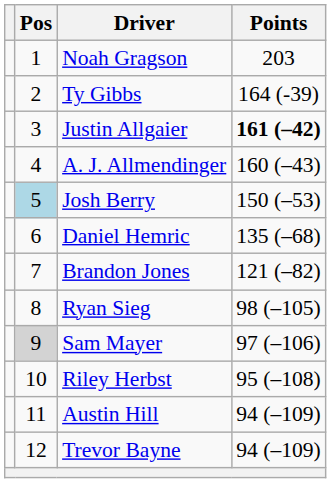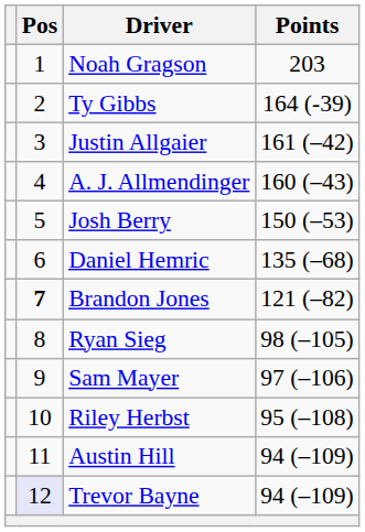 <table class="wikitable" style="font-size: 95%;">
 <tr>
 <th></th>
 <th>Pos</th>
 <th>Driver</th>
 <th>Points</th>
 </tr>
 <tr>
 <td align="left"></td>
 <td style="text-align:center;">1</td>
 <td><a href='#'>Noah Gragson</a></td>
 <td style="text-align:center;">203</td>
 </tr>
 <tr>
 <td align="left"></td>
 <td style="text-align:center;">2</td>
 <td><a href='#'>Ty Gibbs</a></td>
 <td style="text-align:center;">164 (-39)</td>
 </tr>
 <tr>
 <td align="left"></td>
 <td style="text-align:center;">3</td>
 <td><a href='#'>Justin Allgaier</a></td>
-<td style="text-align:center;"><strong>161 (–42)</strong></td>
+<td style="text-align:center;">161 (–42)</td>
 </tr>
 <tr>
 <td align="left"></td>
 <td style="text-align:center;">4</td>
 <td><a href='#'>A. J. Allmendinger</a></td>
 <td style="text-align:center;">160 (–43)</td>
 </tr>
 <tr>
 <td align="left"></td>
-<td style="background: lightblue; text-align:center;">5</td>
+<td style="text-align:center;">5</td>
 <td><a href='#'>Josh Berry</a></td>
 <td style="text-align:center;">150 (–53)</td>
 </tr>
 <tr>
 <td align="left"></td>
 <td style="text-align:center;">6</td>
 <td><a href='#'>Daniel Hemric</a></td>
 <td style="text-align:center;">135 (–68)</td>
 </tr>
 <tr>
 <td align="left"></td>
-<td style="text-align:center;">7</td>
+<td style="text-align:center;"><strong>7</strong></td>
 <td><a href='#'>Brandon Jones</a></td>
 <td style="text-align:center;">121 (–82)</td>
 </tr>
 <tr>
 <td align="left"></td>
 <td style="text-align:center;">8</td>
 <td><a href='#'>Ryan Sieg</a></td>
 <td style="text-align:center;">98 (–105)</td>
 </tr>
 <tr>
 <td align="left"></td>
-<td style="background: lightgrey; text-align:center;">9</td>
+<td style="text-align:center;">9</td>
 <td><a href='#'>Sam Mayer</a></td>
 <td style="text-align:center;">97 (–106)</td>
 </tr>
 <tr>
 <td align="left"></td>
 <td style="text-align:center;">10</td>
 <td><a href='#'>Riley Herbst</a></td>
 <td style="text-align:center;">95 (–108)</td>
 </tr>
 <tr>
 <td align="left"></td>
 <td style="text-align:center;">11</td>
 <td><a href='#'>Austin Hill</a></td>
 <td style="text-align:center;">94 (–109)</td>
 </tr>
 <tr>
 <td align="left"></td>
-<td style="text-align:center;">12</td>
+<td style="background: lavender; text-align:center;">12</td>
 <td><a href='#'>Trevor Bayne</a></td>
 <td style="text-align:center;">94 (–109)</td>
 </tr>
 <tr class="sortbottom">
 <th colspan="9"></th>
 </tr>
 </table>
